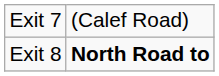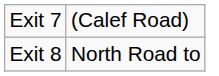 <table CLASS="wikitable">
 <tr>
 <td>Exit 7</td>
 <td> (Calef Road)</td>
 </tr>
 <tr>
 <td>Exit 8</td>
-<td><strong>North Road to </strong></td>
+<td>North Road to </td>
 </tr>
 </table>
